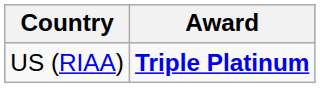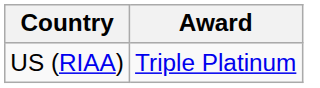 <table class="wikitable sortable style="text-align:center">
 <tr>
 <th>Country</th>
 <th>Award</th>
 </tr>
 <tr>
 <td>US (<a href='#'>RIAA</a>)</td>
-<td><strong><a href='#'>Triple Platinum</a></strong></td>
+<td><a href='#'>Triple Platinum</a></td>
 </tr>
 </table>
